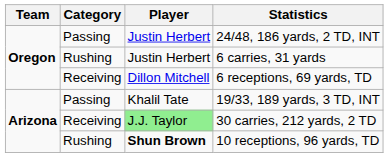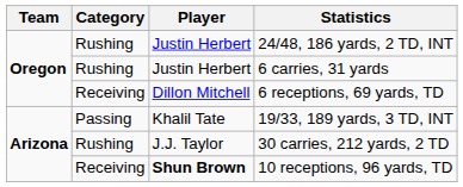 <table class="wikitable" style="float: right;">
 <tr>
 <th>Team</th>
 <th>Category</th>
 <th>Player</th>
 <th>Statistics</th>
 </tr>
 <tr>
 <td rowspan=3><strong>Oregon</strong></td>
-<td>Passing</td>
+<td>Rushing</td>
 <td><a href='#'>Justin Herbert</a></td>
 <td>24/48, 186 yards, 2 TD, INT</td>
 </tr>
 <tr>
 <td>Rushing</td>
 <td>Justin Herbert</td>
 <td>6 carries, 31 yards</td>
 </tr>
 <tr>
 <td>Receiving</td>
 <td><a href='#'>Dillon Mitchell</a></td>
 <td>6 receptions, 69 yards, TD</td>
 </tr>
 <tr>
 <td rowspan=3><strong>Arizona</strong></td>
 <td>Passing</td>
 <td>Khalil Tate</td>
 <td>19/33, 189 yards, 3 TD, INT</td>
 </tr>
 <tr>
-<td>Receiving</td>
-<td style="background: lightgreen;">J.J. Taylor</td>
+<td>Rushing</td>
+<td>J.J. Taylor</td>
 <td>30 carries, 212 yards, 2 TD</td>
 </tr>
 <tr>
-<td>Rushing</td>
+<td>Receiving</td>
 <td><strong>Shun Brown</strong></td>
 <td>10 receptions, 96 yards, TD</td>
 </tr>
 </table>
